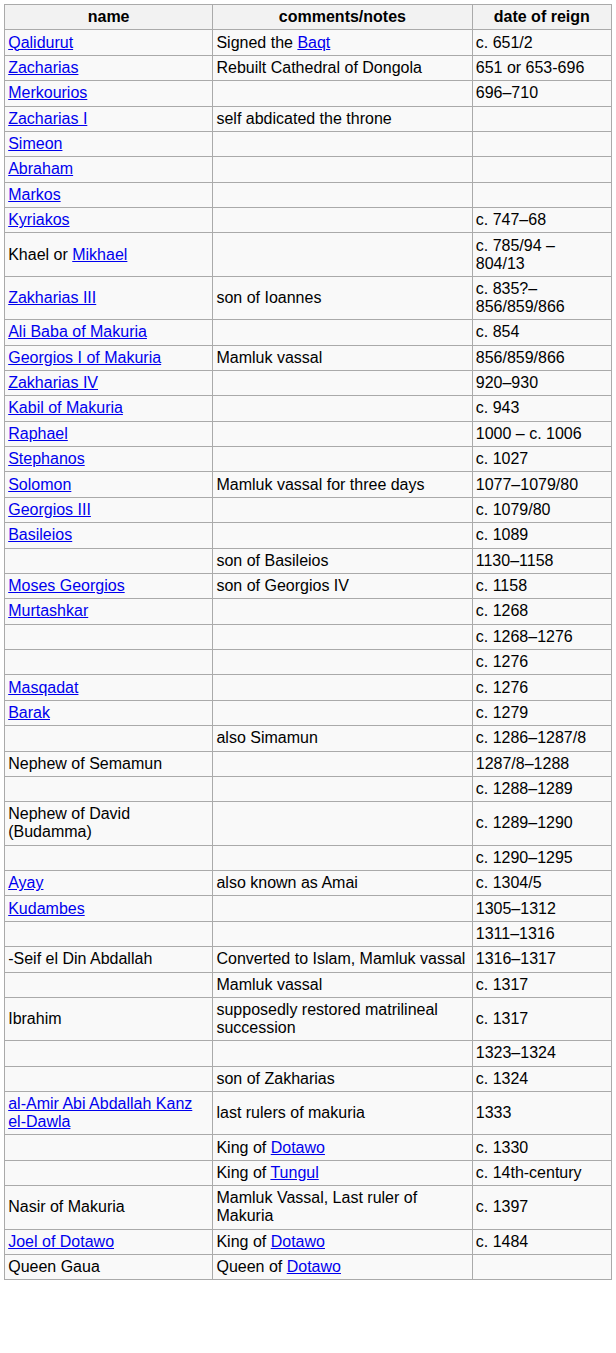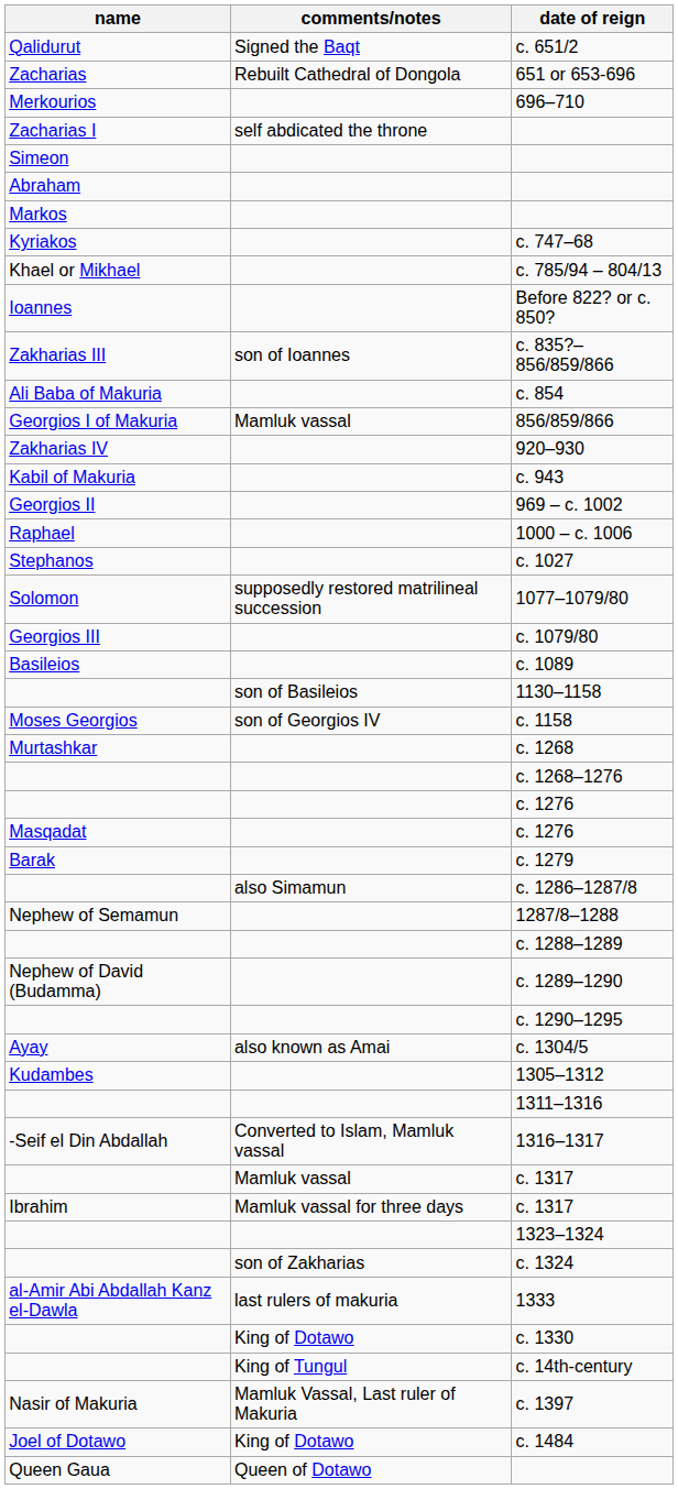 <table class="wikitable mw-collapsible">
 <tr>
 <th>name</th>
 <th>comments/notes</th>
 <th>date of reign</th>
 </tr>
 <tr>
 <td><a href='#'>Qalidurut</a></td>
 <td>Signed the <a href='#'>Baqt</a></td>
 <td>c. 651/2</td>
 </tr>
 <tr>
 <td><a href='#'>Zacharias</a></td>
 <td>Rebuilt Cathedral of Dongola</td>
 <td>651 or 653-696</td>
 </tr>
 <tr>
 <td><a href='#'>Merkourios</a></td>
 <td></td>
 <td>696–710</td>
 </tr>
 <tr>
 <td><a href='#'>Zacharias I</a></td>
 <td>self abdicated the throne</td>
 <td></td>
 </tr>
 <tr>
 <td><a href='#'>Simeon</a></td>
 <td></td>
 <td></td>
 </tr>
 <tr>
 <td><a href='#'>Abraham</a></td>
 <td></td>
 <td></td>
 </tr>
 <tr>
 <td><a href='#'>Markos</a></td>
 <td></td>
 <td></td>
 </tr>
 <tr>
 <td><a href='#'>Kyriakos</a></td>
 <td></td>
 <td>c. 747–68</td>
 </tr>
 <tr>
 <td>Khael or <a href='#'>Mikhael</a></td>
 <td></td>
 <td>c. 785/94 – 804/13</td>
 </tr>
 <tr>
+<td><a href='#'>Ioannes</a></td>
+<td></td>
+<td>Before 822? or c. 850?</td>
+</tr>
+<tr>
 <td><a href='#'>Zakharias III</a></td>
 <td>son of Ioannes</td>
 <td>c. 835?–856/859/866</td>
 </tr>
 <tr>
 <td><a href='#'>Ali Baba of Makuria</a></td>
 <td></td>
 <td>c. 854</td>
 </tr>
 <tr>
 <td><a href='#'>Georgios I of Makuria</a></td>
 <td>Mamluk vassal</td>
 <td>856/859/866</td>
 </tr>
 <tr>
 <td><a href='#'>Zakharias IV</a></td>
 <td></td>
 <td>920–930</td>
 </tr>
 <tr>
 <td><a href='#'>Kabil of Makuria</a></td>
 <td></td>
 <td>c. 943</td>
 </tr>
 <tr>
+<td><a href='#'>Georgios II</a></td>
+<td></td>
+<td>969 – c. 1002</td>
+</tr>
+<tr>
 <td><a href='#'>Raphael</a></td>
 <td></td>
 <td>1000 – c. 1006</td>
 </tr>
 <tr>
 <td><a href='#'>Stephanos</a></td>
 <td></td>
 <td>c. 1027</td>
 </tr>
 <tr>
 <td><a href='#'>Solomon</a></td>
-<td>Mamluk vassal for three days</td>
+<td>supposedly restored matrilineal succession</td>
 <td>1077–1079/80</td>
 </tr>
 <tr>
 <td><a href='#'>Georgios III</a></td>
 <td></td>
 <td>c. 1079/80</td>
 </tr>
 <tr>
 <td><a href='#'>Basileios</a></td>
 <td></td>
 <td>c. 1089</td>
 </tr>
 <tr>
 <td></td>
 <td>son of Basileios</td>
 <td>1130–1158</td>
 </tr>
 <tr>
 <td><a href='#'>Moses Georgios</a></td>
 <td>son of Georgios IV</td>
 <td>c. 1158</td>
 </tr>
 <tr>
 <td><a href='#'>Murtashkar</a></td>
 <td></td>
 <td>c. 1268</td>
 </tr>
 <tr>
 <td></td>
 <td></td>
 <td>c. 1268–1276</td>
 </tr>
 <tr>
 <td></td>
 <td></td>
 <td>c. 1276</td>
 </tr>
 <tr>
 <td><a href='#'>Masqadat</a></td>
 <td></td>
 <td>c. 1276</td>
 </tr>
 <tr>
 <td><a href='#'>Barak</a></td>
 <td></td>
 <td>c. 1279</td>
 </tr>
 <tr>
 <td></td>
 <td>also Simamun</td>
 <td>c. 1286–1287/8</td>
 </tr>
 <tr>
 <td>Nephew of Semamun</td>
 <td></td>
 <td>1287/8–1288</td>
 </tr>
 <tr>
 <td></td>
 <td></td>
 <td>c. 1288–1289</td>
 </tr>
 <tr>
 <td>Nephew of David (Budamma)</td>
 <td></td>
 <td>c. 1289–1290</td>
 </tr>
 <tr>
 <td></td>
 <td></td>
 <td>c. 1290–1295</td>
 </tr>
 <tr>
 <td><a href='#'>Ayay</a></td>
 <td>also known as Amai</td>
 <td>c. 1304/5</td>
 </tr>
 <tr>
 <td><a href='#'>Kudambes</a></td>
 <td></td>
 <td>1305–1312</td>
 </tr>
 <tr>
 <td></td>
 <td></td>
 <td>1311–1316</td>
 </tr>
 <tr>
 <td>-Seif el Din Abdallah</td>
 <td>Converted to Islam, Mamluk vassal</td>
 <td>1316–1317</td>
 </tr>
 <tr>
 <td></td>
 <td>Mamluk vassal</td>
 <td>c. 1317</td>
 </tr>
 <tr>
 <td>Ibrahim</td>
-<td>supposedly restored matrilineal succession</td>
+<td>Mamluk vassal for three days</td>
 <td>c. 1317</td>
 </tr>
 <tr>
 <td></td>
 <td></td>
 <td>1323–1324</td>
 </tr>
 <tr>
 <td></td>
 <td>son of Zakharias</td>
 <td>c. 1324</td>
 </tr>
 <tr>
 <td><a href='#'>al-Amir Abi Abdallah Kanz el-Dawla</a></td>
 <td>last rulers of makuria</td>
 <td>1333</td>
 </tr>
 <tr>
 <td></td>
 <td>King of <a href='#'>Dotawo</a></td>
 <td>c. 1330</td>
 </tr>
 <tr>
 <td></td>
 <td>King of <a href='#'>Tungul</a></td>
 <td>c. 14th-century</td>
 </tr>
 <tr>
 <td>Nasir of Makuria</td>
 <td>Mamluk Vassal, Last ruler of Makuria</td>
 <td>c. 1397</td>
 </tr>
 <tr>
 <td><a href='#'>Joel of Dotawo</a></td>
 <td>King of <a href='#'>Dotawo</a></td>
 <td>c. 1484</td>
 </tr>
 <tr>
 <td>Queen Gaua</td>
 <td>Queen of <a href='#'>Dotawo</a></td>
 <td></td>
 </tr>
 </table>
